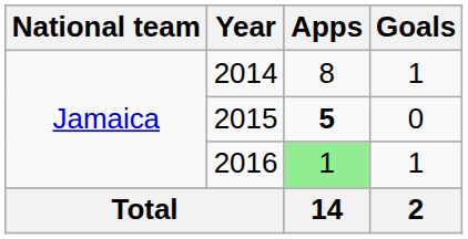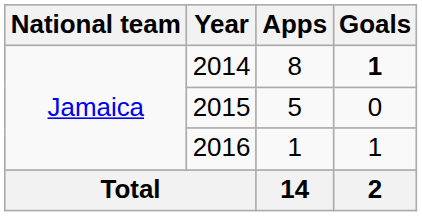 <table class=wikitable style="text-align: center;">
 <tr>
 <th>National team</th>
 <th>Year</th>
 <th>Apps</th>
 <th>Goals</th>
 </tr>
 <tr>
 <td rowspan=3><a href='#'>Jamaica</a></td>
 <td>2014</td>
 <td>8</td>
-<td>1</td>
+<td><strong>1</strong></td>
 </tr>
 <tr>
 <td>2015</td>
-<td><strong>5</strong></td>
+<td>5</td>
 <td>0</td>
 </tr>
 <tr>
 <td>2016</td>
-<td style="background: lightgreen;">1</td>
+<td>1</td>
 <td>1</td>
 </tr>
 <tr>
 <th colspan=2>Total</th>
 <th>14</th>
 <th>2</th>
 </tr>
 </table>
